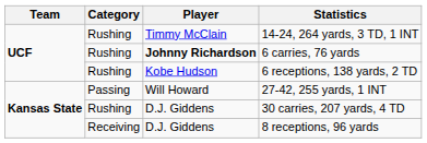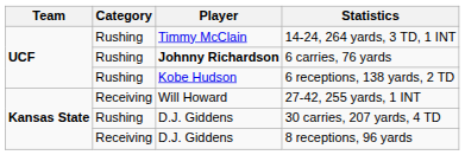 <table class="wikitable" style="float: right;">
 <tr>
 <th>Team</th>
 <th>Category</th>
 <th>Player</th>
 <th>Statistics</th>
 </tr>
 <tr>
 <td rowspan=3><strong>UCF</strong></td>
 <td>Rushing</td>
 <td><a href='#'>Timmy McClain</a></td>
 <td>14-24, 264 yards, 3 TD, 1 INT</td>
 </tr>
 <tr>
 <td>Rushing</td>
 <td><strong>Johnny Richardson</strong></td>
 <td>6 carries, 76 yards</td>
 </tr>
 <tr>
 <td>Rushing</td>
 <td><a href='#'>Kobe Hudson</a></td>
 <td>6 receptions, 138 yards, 2 TD</td>
 </tr>
 <tr>
 <td rowspan=3><strong>Kansas State</strong></td>
-<td>Passing</td>
+<td>Receiving</td>
 <td>Will Howard</td>
 <td>27-42, 255 yards, 1 INT</td>
 </tr>
 <tr>
 <td>Rushing</td>
 <td>D.J. Giddens</td>
 <td>30 carries, 207 yards, 4 TD</td>
 </tr>
 <tr>
 <td>Receiving</td>
 <td>D.J. Giddens</td>
 <td>8 receptions, 96 yards</td>
 </tr>
 </table>
